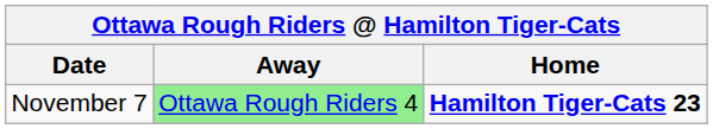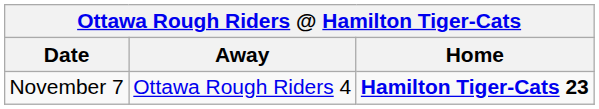 <table class="wikitable">
 <tr>
 <th colspan="3"><a href='#'>Ottawa Rough Riders</a> @ <a href='#'>Hamilton Tiger-Cats</a></th>
 </tr>
 <tr>
 <th>Date</th>
 <th>Away</th>
 <th>Home</th>
 </tr>
 <tr>
 <td>November 7</td>
-<td style="background: lightgreen;"><a href='#'>Ottawa Rough Riders</a> 4</td>
+<td><a href='#'>Ottawa Rough Riders</a> 4</td>
 <td><strong><a href='#'>Hamilton Tiger-Cats</a> 23</strong></td>
 </tr>
 </table>
